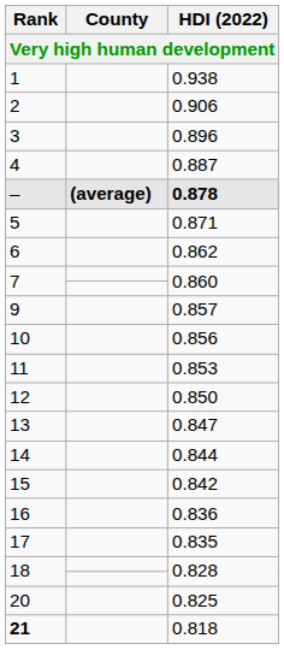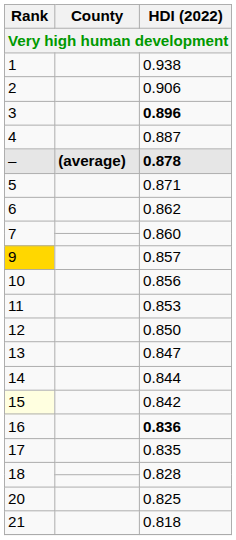 <table class="wikitable sortable">
 <tr>
 <th class="sort">Rank</th>
 <th class="sort">County</th>
 <th class="sort">HDI (2022)</th>
 </tr>
 <tr>
 <th colspan="3" style="color:#090;">Very high human development</th>
 </tr>
 <tr>
 <td>1</td>
 <td style="text-align:left"></td>
 <td>0.938</td>
 </tr>
 <tr>
 <td>2</td>
 <td style="text-align:left"></td>
 <td>0.906</td>
 </tr>
 <tr>
 <td>3</td>
 <td style="text-align:left"></td>
-<td>0.896</td>
+<td><strong>0.896</strong></td>
 </tr>
 <tr>
 <td>4</td>
 <td style="text-align:left"></td>
 <td>0.887</td>
 </tr>
 <tr style="background:#e6e6e6">
 <td>–</td>
 <td style="text-align:left"><strong></strong> <strong>(average)</strong></td>
 <td><strong>0.878</strong></td>
 </tr>
 <tr>
 <td>5</td>
 <td style="text-align:left"></td>
 <td>0.871</td>
 </tr>
 <tr>
 <td>6</td>
 <td style="text-align:left"></td>
 <td>0.862</td>
 </tr>
 <tr>
 <td rowspan="2">7</td>
 <td style="text-align:left"></td>
 <td rowspan="2">0.860</td>
 </tr>
 <tr>
 <td style="text-align:left"></td>
 </tr>
 <tr>
-<td>9</td>
+<td style="background: gold;">9</td>
 <td style="text-align:left"></td>
 <td>0.857</td>
 </tr>
 <tr>
 <td>10</td>
 <td style="text-align:left"></td>
 <td>0.856</td>
 </tr>
 <tr>
 <td>11</td>
 <td style="text-align:left"></td>
 <td>0.853</td>
 </tr>
 <tr>
 <td>12</td>
 <td style="text-align:left"></td>
 <td>0.850</td>
 </tr>
 <tr>
 <td>13</td>
 <td style="text-align:left"></td>
 <td>0.847</td>
 </tr>
 <tr>
 <td>14</td>
 <td style="text-align:left"></td>
 <td>0.844</td>
 </tr>
 <tr>
-<td>15</td>
+<td style="background: lightyellow;">15</td>
 <td style="text-align:left"></td>
 <td>0.842</td>
 </tr>
 <tr>
 <td>16</td>
 <td style="text-align:left"></td>
-<td>0.836</td>
+<td><strong>0.836</strong></td>
 </tr>
 <tr>
 <td>17</td>
 <td style="text-align:left"></td>
 <td>0.835</td>
 </tr>
 <tr>
 <td rowspan="2">18</td>
 <td style="text-align:left"></td>
 <td rowspan="2">0.828</td>
 </tr>
 <tr>
 <td style="text-align:left"></td>
 </tr>
 <tr>
 <td>20</td>
 <td style="text-align:left"></td>
 <td>0.825</td>
 </tr>
 <tr>
-<td><strong>21</strong></td>
+<td>21</td>
 <td style="text-align:left"></td>
 <td>0.818</td>
 </tr>
 <tr>
 </tr>
 </table>
